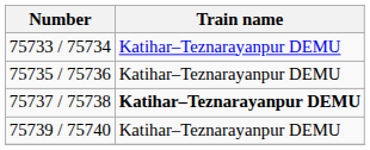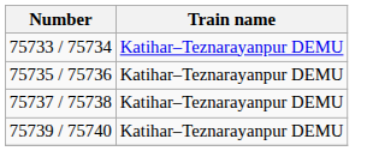 <table class="wikitable sortable">
 <tr>
 <th>Number</th>
 <th>Train name</th>
 </tr>
 <tr>
 <td>75733 / 75734</td>
 <td><a href='#'>Katihar–Teznarayanpur DEMU</a></td>
 </tr>
 <tr>
 <td>75735 / 75736</td>
 <td>Katihar–Teznarayanpur DEMU</td>
 </tr>
 <tr>
 <td>75737 / 75738</td>
-<td><strong>Katihar–Teznarayanpur DEMU</strong></td>
+<td>Katihar–Teznarayanpur DEMU</td>
 </tr>
 <tr>
 <td>75739 / 75740</td>
 <td>Katihar–Teznarayanpur DEMU</td>
 </tr>
 <tr>
 </tr>
 </table>
